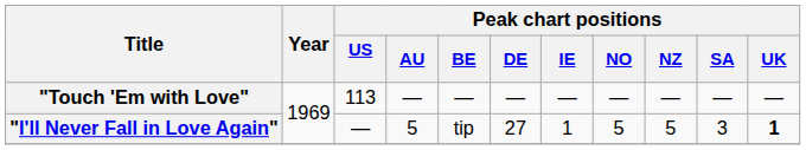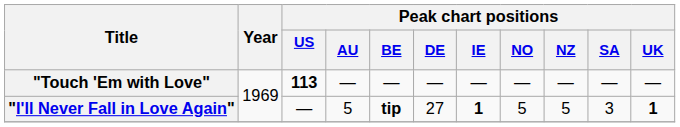 <table class="wikitable plainrowheaders" style=text-align:center;>
 <tr>
 <th scope="col" rowspan="2">Title</th>
 <th scope="col" rowspan="2">Year</th>
 <th scope="col" colspan="9">Peak chart positions</th>
 </tr>
 <tr>
 <th scope="col" style="width:2.5em; font-size:90%;"><a href='#'>US<br></a><br></th>
 <th scope="col" style="width:2.5em; font-size:90%;"><a href='#'>AU</a><br></th>
 <th scope="col" style="width:2.5em; font-size:90%;"><a href='#'>BE</a><br></th>
 <th scope="col" style="width:2.5em; font-size:90%;"><a href='#'>DE</a><br></th>
 <th scope="col" style="width:2.5em; font-size:90%;"><a href='#'>IE</a><br></th>
 <th scope="col" style="width:2.5em; font-size:90%;"><a href='#'>NO</a><br></th>
 <th scope="col" style="width:2.5em; font-size:90%;"><a href='#'>NZ</a><br></th>
 <th scope="col" style="width:2.5em; font-size:90%;"><a href='#'>SA</a><br></th>
 <th scope="col" style="width:2.5em; font-size:90%;"><a href='#'>UK</a><br></th>
 </tr>
 <tr>
 <th scope="row">"Touch 'Em with Love"</th>
 <td rowspan = "2">1969</td>
-<td>113</td>
+<td><strong>113</strong></td>
 <td>—</td>
 <td>—</td>
 <td>—</td>
 <td>—</td>
 <td>—</td>
 <td>—</td>
 <td>—</td>
 <td>—</td>
 </tr>
 <tr>
 <th scope="row">"<a href='#'>I'll Never Fall in Love Again</a>"</th>
 <td>—</td>
 <td>5</td>
-<td>tip</td>
+<td><strong>tip</strong></td>
 <td>27</td>
-<td>1</td>
+<td><strong>1</strong></td>
 <td>5</td>
 <td>5</td>
 <td>3</td>
 <td><strong>1</strong></td>
 </tr>
 <tr>
 </tr>
 </table>
